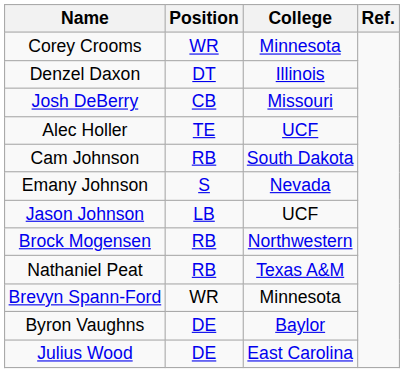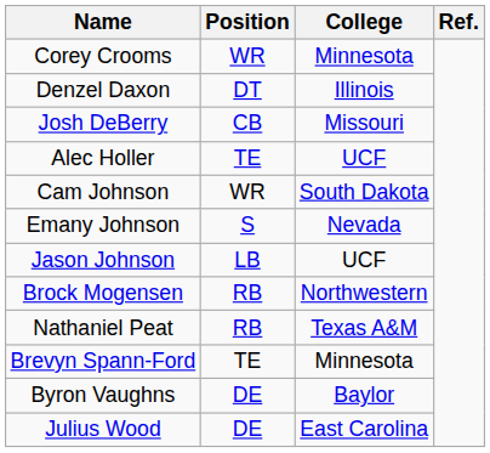 <table class="wikitable" style="text-align:center">
 <tr>
 <th>Name</th>
 <th>Position</th>
 <th>College</th>
 <th>Ref.</th>
 </tr>
 <tr>
 <td>Corey Crooms</td>
 <td><a href='#'>WR</a></td>
 <td><a href='#'>Minnesota</a></td>
 <td rowspan="12"></td>
 </tr>
 <tr>
 <td>Denzel Daxon</td>
 <td><a href='#'>DT</a></td>
 <td><a href='#'>Illinois</a></td>
 </tr>
 <tr>
 <td><a href='#'>Josh DeBerry</a></td>
 <td><a href='#'>CB</a></td>
 <td><a href='#'>Missouri</a></td>
 </tr>
 <tr>
 <td>Alec Holler</td>
 <td><a href='#'>TE</a></td>
 <td><a href='#'>UCF</a></td>
 </tr>
 <tr>
 <td>Cam Johnson</td>
-<td><a href='#'>RB</a></td>
+<td>WR</td>
 <td><a href='#'>South Dakota</a></td>
 </tr>
 <tr>
 <td>Emany Johnson</td>
 <td><a href='#'>S</a></td>
 <td><a href='#'>Nevada</a></td>
 </tr>
 <tr>
 <td><a href='#'>Jason Johnson</a></td>
 <td><a href='#'>LB</a></td>
 <td>UCF</td>
 </tr>
 <tr>
 <td><a href='#'>Brock Mogensen</a></td>
 <td><a href='#'>RB</a></td>
 <td><a href='#'>Northwestern</a></td>
 </tr>
 <tr>
 <td>Nathaniel Peat</td>
 <td><a href='#'>RB</a></td>
 <td><a href='#'>Texas A&M</a></td>
 </tr>
 <tr>
 <td><a href='#'>Brevyn Spann-Ford</a></td>
-<td>WR</td>
+<td>TE</td>
 <td>Minnesota</td>
 </tr>
 <tr>
 <td>Byron Vaughns</td>
 <td><a href='#'>DE</a></td>
 <td><a href='#'>Baylor</a></td>
 </tr>
 <tr>
 <td><a href='#'>Julius Wood</a></td>
 <td><a href='#'>DE</a></td>
 <td><a href='#'>East Carolina</a></td>
 </tr>
 </table>
